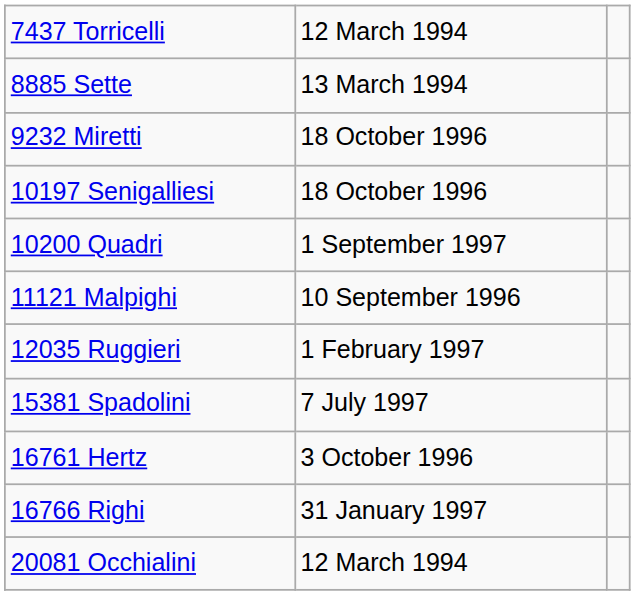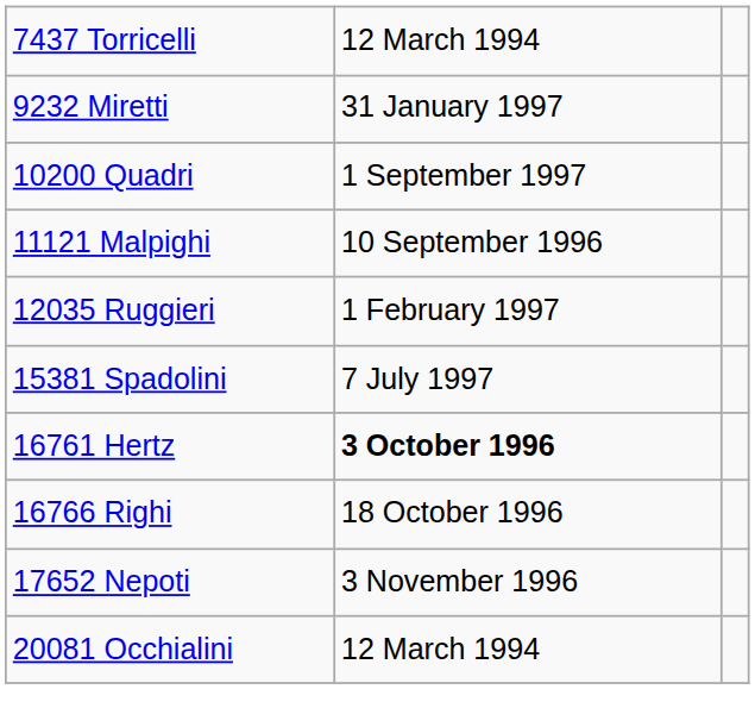 <table class="wikitable" style="font-size: 89%; float: left; width: 25em; margin-right: 1em; line-height: 1.65em !important; height: 324px;">
 <tr>
 <td><a href='#'>7437 Torricelli</a></td>
 <td>12 March 1994</td>
 <td> </td>
 </tr>
 <tr>
-<td><a href='#'>8885 Sette</a></td>
-<td>13 March 1994</td>
-<td> </td>
-</tr>
-<tr>
 <td><a href='#'>9232 Miretti</a></td>
-<td>18 October 1996</td>
-<td></td>
-</tr>
-<tr>
-<td><a href='#'>10197 Senigalliesi</a></td>
-<td>18 October 1996</td>
+<td>31 January 1997</td>
 <td></td>
 </tr>
 <tr>
 <td><a href='#'>10200 Quadri</a></td>
 <td>1 September 1997</td>
 <td></td>
 </tr>
 <tr>
 <td><a href='#'>11121 Malpighi</a></td>
 <td>10 September 1996</td>
 <td></td>
 </tr>
 <tr>
 <td><a href='#'>12035 Ruggieri</a></td>
 <td>1 February 1997</td>
 <td></td>
 </tr>
 <tr>
 <td><a href='#'>15381 Spadolini</a></td>
 <td>7 July 1997</td>
 <td></td>
 </tr>
 <tr>
 <td><a href='#'>16761 Hertz</a></td>
-<td>3 October 1996</td>
+<td><strong>3 October 1996</strong></td>
 <td></td>
 </tr>
 <tr>
 <td><a href='#'>16766 Righi</a></td>
-<td>31 January 1997</td>
+<td>18 October 1996</td>
+<td></td>
+</tr>
+<tr>
+<td><a href='#'>17652 Nepoti</a></td>
+<td>3 November 1996</td>
 <td></td>
 </tr>
 <tr>
 <td><a href='#'>20081 Occhialini</a></td>
 <td>12 March 1994</td>
 <td> </td>
 </tr>
 </table>
